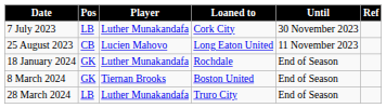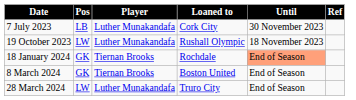 <table class="wikitable plainrowheaders sortable">
 <tr>
 <th style="background:black; color:white; ">Date</th>
 <th style="background:black; color:white; ">Pos</th>
 <th style="background:black; color:white; ">Player</th>
 <th style="background:black; color:white; ">Loaned to</th>
 <th style="background:black; color:white; ">Until</th>
 <th style="background:black; color:white; ">Ref</th>
 </tr>
 <tr>
 <td>7 July 2023</td>
 <td><a href='#'>LB</a></td>
 <td> <a href='#'>Luther Munakandafa</a></td>
 <td> <a href='#'>Cork City</a></td>
 <td>30 November 2023</td>
 <td></td>
 </tr>
 <tr>
-<td>25 August 2023</td>
-<td><a href='#'>CB</a></td>
-<td> <a href='#'>Lucien Mahovo</a></td>
-<td> <a href='#'>Long Eaton United</a></td>
-<td>11 November 2023</td>
+<td>19 October 2023</td>
+<td><a href='#'>LW</a></td>
+<td> <a href='#'>Luther Munakandafa</a></td>
+<td> <a href='#'>Rushall Olympic</a></td>
+<td>18 November 2023</td>
 <td></td>
 </tr>
 <tr>
 <td>18 January 2024</td>
 <td><a href='#'>GK</a></td>
-<td> <a href='#'>Luther Munakandafa</a></td>
+<td> <a href='#'>Tiernan Brooks</a></td>
 <td> <a href='#'>Rochdale</a></td>
-<td>End of Season</td>
+<td style="background: lightsalmon;">End of Season</td>
 <td></td>
 </tr>
 <tr>
 <td>8 March 2024</td>
 <td><a href='#'>GK</a></td>
 <td> <a href='#'>Tiernan Brooks</a></td>
 <td> <a href='#'>Boston United</a></td>
 <td>End of Season</td>
 <td></td>
 </tr>
 <tr>
 <td>28 March 2024</td>
-<td><a href='#'>LB</a></td>
+<td><a href='#'>LW</a></td>
 <td> <a href='#'>Luther Munakandafa</a></td>
 <td> <a href='#'>Truro City</a></td>
 <td>End of Season</td>
 <td></td>
 </tr>
 </table>
